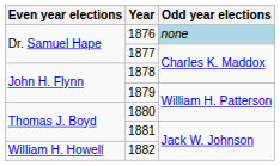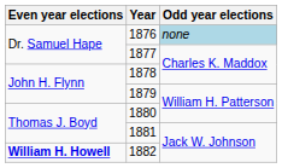 <table class="wikitable">
 <tr>
 <th>Even year elections</th>
 <th>Year</th>
 <th>Odd year elections</th>
 </tr>
 <tr>
 <td rowspan="2">Dr. <a href='#'>Samuel Hape</a></td>
 <td>1876</td>
 <td style="background: lightblue;"><em>none</em></td>
 </tr>
 <tr>
 <td>1877</td>
 <td rowspan="2"><a href='#'>Charles K. Maddox</a></td>
 </tr>
 <tr>
 <td rowspan="2"><a href='#'>John H. Flynn</a></td>
 <td>1878</td>
 </tr>
 <tr>
 <td>1879</td>
 <td rowspan="2"><a href='#'>William H. Patterson</a></td>
 </tr>
 <tr>
 <td rowspan="2"><a href='#'>Thomas J. Boyd</a></td>
 <td>1880</td>
 </tr>
 <tr>
 <td>1881</td>
 <td rowspan="2"><a href='#'>Jack W. Johnson</a></td>
 </tr>
 <tr>
-<td rowspan="1"><a href='#'>William H. Howell</a></td>
+<td rowspan="1"><strong><a href='#'>William H. Howell</a></strong></td>
 <td>1882</td>
 </tr>
 </table>
